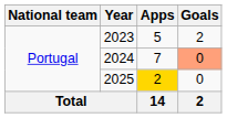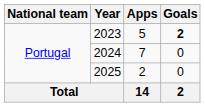 <table class="wikitable" style="text-align:center">
 <tr>
 <th>National team</th>
 <th>Year</th>
 <th>Apps</th>
 <th>Goals</th>
 </tr>
 <tr>
 <td rowspan="3"><a href='#'>Portugal</a></td>
 <td>2023</td>
 <td>5</td>
-<td>2</td>
+<td><strong>2</strong></td>
 </tr>
 <tr>
 <td>2024</td>
 <td>7</td>
-<td style="background: lightsalmon;">0</td>
+<td>0</td>
 </tr>
 <tr>
 <td>2025</td>
-<td style="background: gold;">2</td>
+<td>2</td>
 <td>0</td>
 </tr>
 <tr>
 <th colspan="2">Total</th>
 <th>14</th>
 <th>2</th>
 </tr>
 </table>
